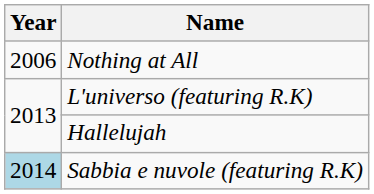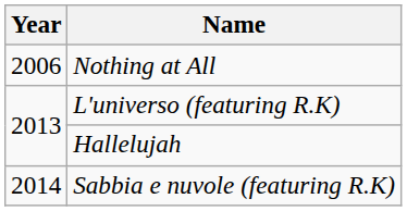 <table class="wikitable">
 <tr>
 <th>Year</th>
 <th>Name</th>
 </tr>
 <tr>
 <td>2006</td>
 <td><em>Nothing at All</em></td>
 </tr>
 <tr>
 <td rowspan="2">2013</td>
 <td><em>L'universo (featuring R.K)</em></td>
 </tr>
 <tr>
 <td><em>Hallelujah</em></td>
 </tr>
 <tr>
-<td style="background: lightblue;">2014</td>
+<td>2014</td>
 <td><em>Sabbia e nuvole (featuring R.K)</em></td>
 </tr>
 </table>
